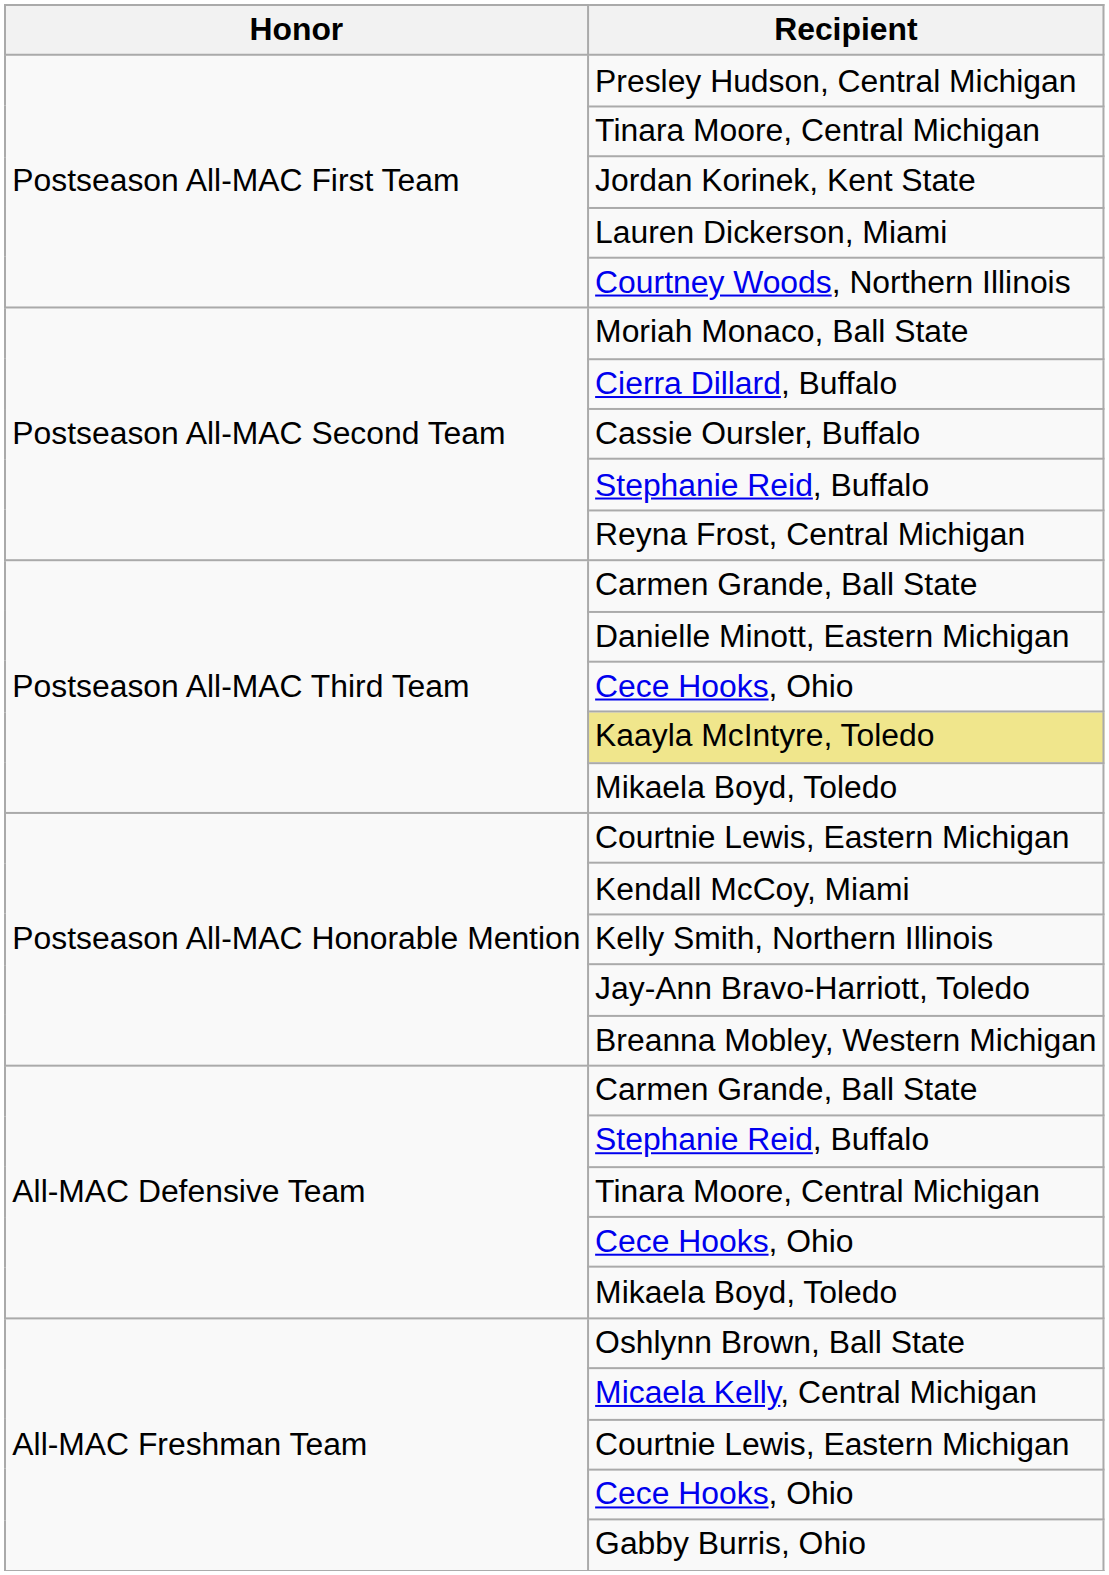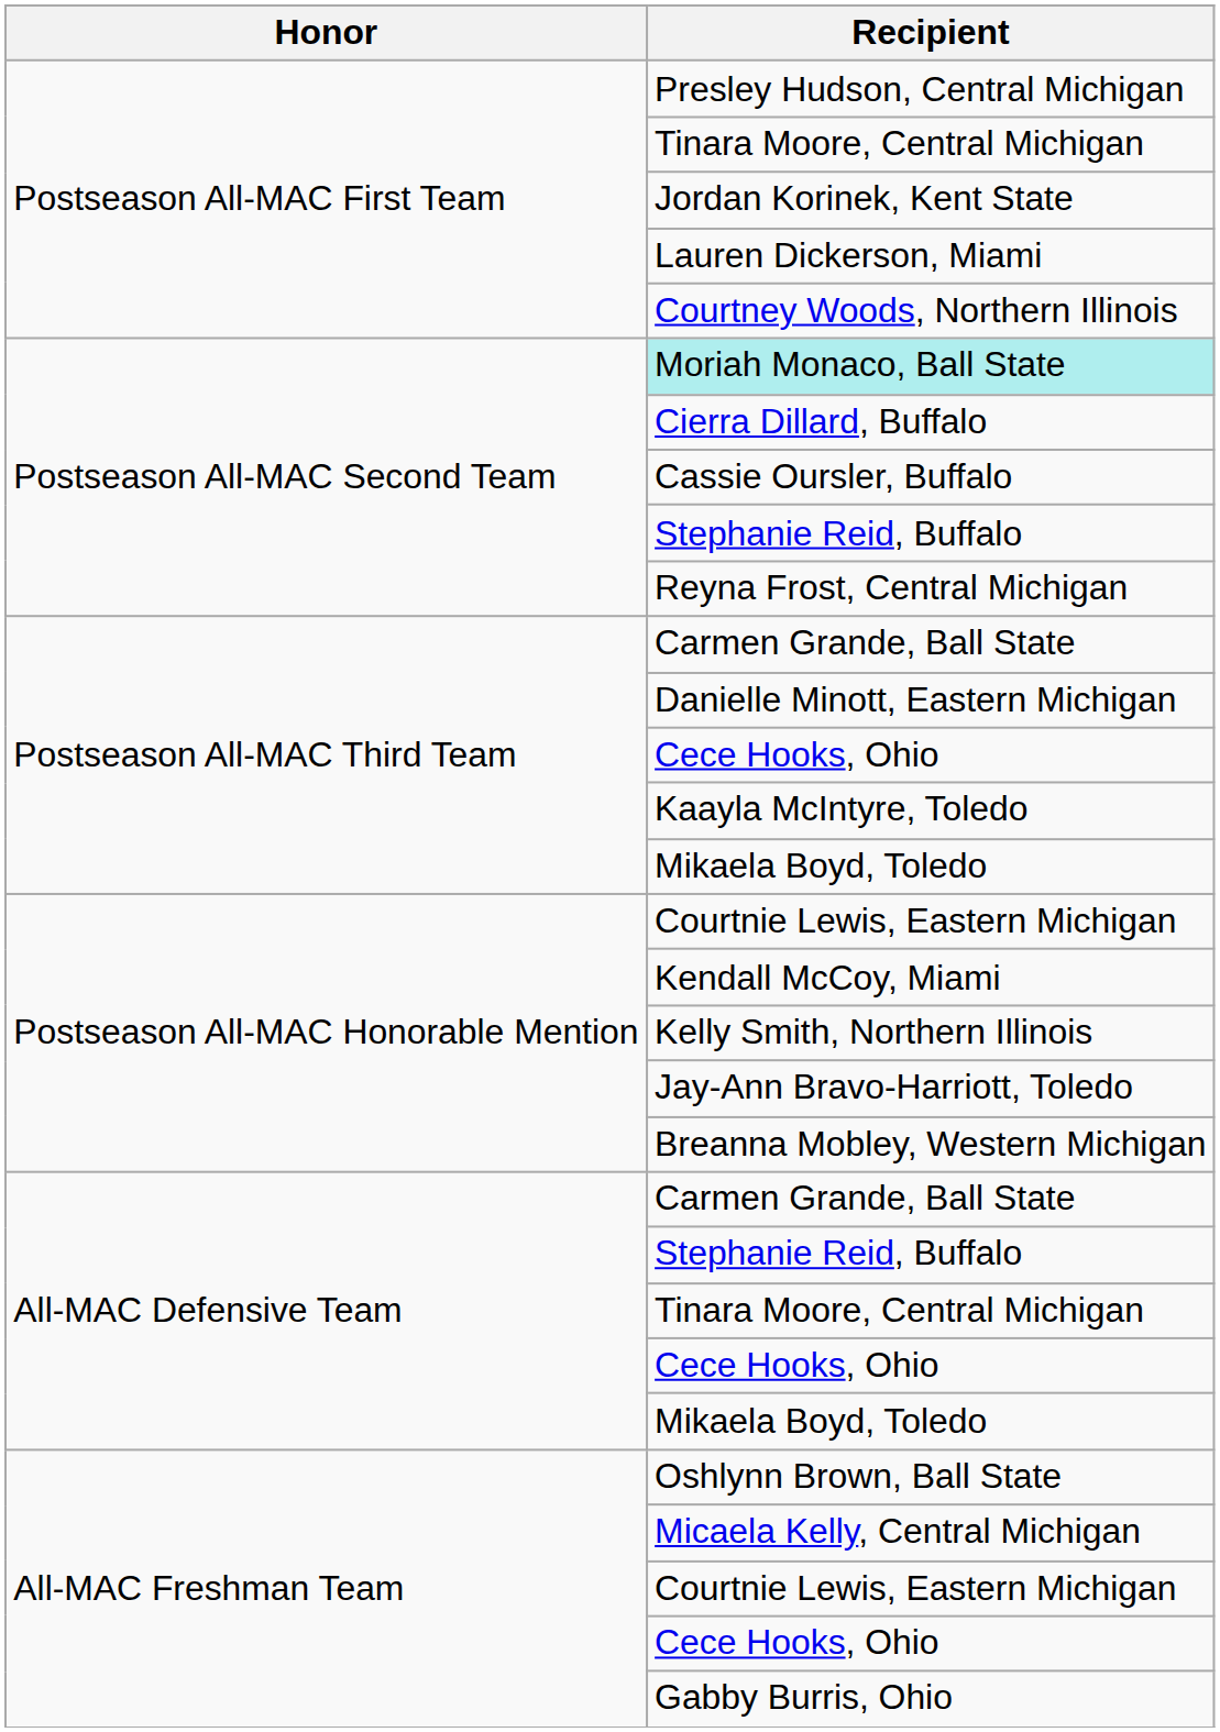 <table class="wikitable" border="1">
 <tr>
 <th>Honor</th>
 <th>Recipient</th>
 </tr>
 <tr>
 <td rowspan=5 valign=middle>Postseason All-MAC First Team</td>
 <td>Presley Hudson, Central Michigan</td>
 </tr>
 <tr>
 <td>Tinara Moore, Central Michigan</td>
 </tr>
 <tr>
 <td>Jordan Korinek, Kent State</td>
 </tr>
 <tr>
 <td>Lauren Dickerson, Miami</td>
 </tr>
 <tr>
 <td><a href='#'>Courtney Woods</a>, Northern Illinois</td>
 </tr>
 <tr>
 <td rowspan=5 valign=middle>Postseason All-MAC Second Team</td>
-<td>Moriah Monaco, Ball State</td>
+<td style="background: paleturquoise;">Moriah Monaco, Ball State</td>
 </tr>
 <tr>
 <td><a href='#'>Cierra Dillard</a>, Buffalo</td>
 </tr>
 <tr>
 <td>Cassie Oursler, Buffalo</td>
 </tr>
 <tr>
 <td><a href='#'>Stephanie Reid</a>, Buffalo</td>
 </tr>
 <tr>
 <td>Reyna Frost, Central Michigan</td>
 </tr>
 <tr>
 <td rowspan=5 valign=middle>Postseason All-MAC Third Team</td>
 <td>Carmen Grande, Ball State</td>
 </tr>
 <tr>
 <td>Danielle Minott, Eastern Michigan</td>
 </tr>
 <tr>
 <td><a href='#'>Cece Hooks</a>, Ohio</td>
 </tr>
 <tr>
-<td style="background: khaki;">Kaayla McIntyre, Toledo</td>
+<td>Kaayla McIntyre, Toledo</td>
 </tr>
 <tr>
 <td>Mikaela Boyd, Toledo</td>
 </tr>
 <tr>
 <td rowspan=5 valign=middle>Postseason All-MAC Honorable Mention</td>
 <td>Courtnie Lewis, Eastern Michigan</td>
 </tr>
 <tr>
 <td>Kendall McCoy, Miami</td>
 </tr>
 <tr>
 <td>Kelly Smith, Northern Illinois</td>
 </tr>
 <tr>
 <td>Jay-Ann Bravo-Harriott, Toledo</td>
 </tr>
 <tr>
 <td>Breanna Mobley, Western Michigan</td>
 </tr>
 <tr>
 <td rowspan=5 valign=middle>All-MAC Defensive Team</td>
 <td>Carmen Grande, Ball State</td>
 </tr>
 <tr>
 <td><a href='#'>Stephanie Reid</a>, Buffalo</td>
 </tr>
 <tr>
 <td>Tinara Moore, Central Michigan</td>
 </tr>
 <tr>
 <td><a href='#'>Cece Hooks</a>, Ohio</td>
 </tr>
 <tr>
 <td>Mikaela Boyd, Toledo</td>
 </tr>
 <tr>
 <td rowspan=5 valign=middle>All-MAC Freshman Team</td>
 <td>Oshlynn Brown, Ball State</td>
 </tr>
 <tr>
 <td><a href='#'>Micaela Kelly</a>, Central Michigan</td>
 </tr>
 <tr>
 <td>Courtnie Lewis, Eastern Michigan</td>
 </tr>
 <tr>
 <td><a href='#'>Cece Hooks</a>, Ohio</td>
 </tr>
 <tr>
 <td>Gabby Burris, Ohio</td>
 </tr>
 <tr>
 </tr>
 </table>
